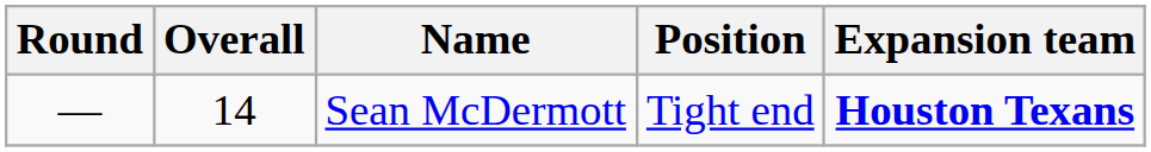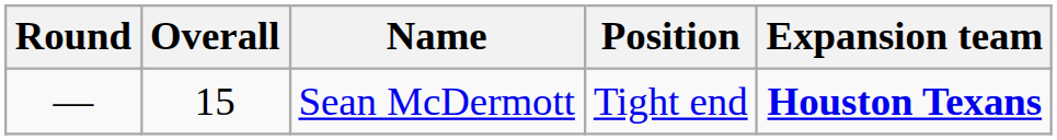 <table class="wikitable" style="text-align:center">
 <tr>
 <th>Round</th>
 <th>Overall</th>
 <th>Name</th>
 <th>Position</th>
 <th>Expansion team</th>
 </tr>
 <tr>
 <td>—</td>
-<td>14</td>
+<td>15</td>
 <td><a href='#'>Sean McDermott</a></td>
 <td><a href='#'>Tight end</a></td>
 <td><strong><a href='#'>Houston Texans</a></strong></td>
 </tr>
 </table>
